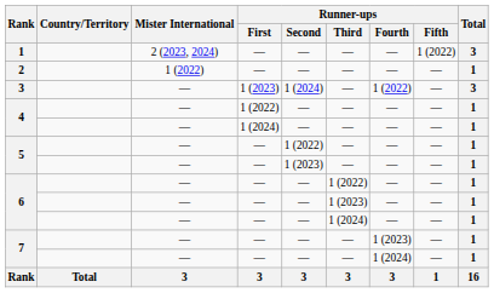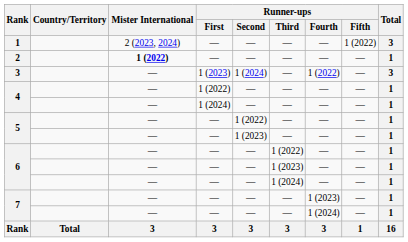 <table class="wikitable" style="font-size: 85%;">
 <tr>
 <th rowspan="2">Rank</th>
 <th rowspan="2">Country/Territory</th>
 <th rowspan="2" width="120">Mister International</th>
 <th colspan="5" width="120">Runner-ups</th>
 <th rowspan="2">Total</th>
 </tr>
 <tr>
 <th>First</th>
 <th>Second</th>
 <th>Third</th>
 <th>Fourth</th>
 <th>Fifth</th>
 </tr>
 <tr>
 <th>1</th>
 <td><strong></strong></td>
 <td align="center">2 (<a href='#'>2023</a>, <a href='#'>2024</a>)</td>
 <td align="center">—</td>
 <td align="center">—</td>
 <td align="center">—</td>
 <td align="center">—</td>
 <td align="center">1 (2022)</td>
 <th>3</th>
 </tr>
 <tr>
 <th>2</th>
 <td><strong></strong></td>
-<td align="center">1 (<a href='#'>2022</a>)</td>
+<td align="center"><strong>1 (<a href='#'>2022</a>)</strong></td>
 <td align="center">—</td>
 <td align="center">—</td>
 <td align="center">—</td>
 <td align="center">—</td>
 <td align="center">—</td>
 <th>1</th>
 </tr>
 <tr>
 <th>3</th>
 <td><strong></strong></td>
 <td align="center">—</td>
 <td align="center">1 (<a href='#'>2023</a>)</td>
 <td align="center">1 (<a href='#'>2024</a>)</td>
 <td align="center">—</td>
 <td align="center">1 (<a href='#'>2022</a>)</td>
 <td align="center">—</td>
 <th>3</th>
 </tr>
 <tr>
 <th rowspan="2">4</th>
 <td><strong></strong></td>
 <td align="center">—</td>
 <td align="center">1 (2022)</td>
 <td align="center">—</td>
 <td align="center">—</td>
 <td align="center">—</td>
 <td align="center">—</td>
 <th>1</th>
 </tr>
 <tr>
 <td><strong></strong></td>
 <td align="center">—</td>
 <td align="center">1 (2024)</td>
 <td align="center">—</td>
 <td align="center">—</td>
 <td align="center">—</td>
 <td align="center">—</td>
 <th>1</th>
 </tr>
 <tr>
 <th rowspan="2">5</th>
 <td><strong></strong></td>
 <td align="center">—</td>
 <td align="center">—</td>
 <td align="center">1 (2022)</td>
 <td align="center">—</td>
 <td align="center">—</td>
 <td align="center">—</td>
 <th>1</th>
 </tr>
 <tr>
 <td><strong></strong></td>
 <td align="center">—</td>
 <td align="center">—</td>
 <td align="center">1 (2023)</td>
 <td align="center">—</td>
 <td align="center">—</td>
 <td align="center">—</td>
 <th>1</th>
 </tr>
 <tr>
 <th rowspan="3">6</th>
 <td><strong></strong></td>
 <td align="center">—</td>
 <td align="center">—</td>
 <td align="center">—</td>
 <td align="center">1 (2022)</td>
 <td align="center">—</td>
 <td align="center">—</td>
 <th>1</th>
 </tr>
 <tr>
 <td><strong></strong></td>
 <td align="center">—</td>
 <td align="center">—</td>
 <td align="center">—</td>
 <td align="center">1 (2023)</td>
 <td align="center">—</td>
 <td align="center">—</td>
 <th>1</th>
 </tr>
 <tr>
 <td><strong></strong></td>
 <td align="center">—</td>
 <td align="center">—</td>
 <td align="center">—</td>
 <td align="center">1 (2024)</td>
 <td align="center">—</td>
 <td align="center">—</td>
 <th>1</th>
 </tr>
 <tr>
 <th rowspan=2>7</th>
 <td><strong></strong></td>
 <td align="center">—</td>
 <td align="center">—</td>
 <td align="center">—</td>
 <td align="center">—</td>
 <td align="center">1 (2023)</td>
 <td align="center">—</td>
 <th>1</th>
 </tr>
 <tr>
 <td><strong></strong></td>
 <td align="center">—</td>
 <td align="center">—</td>
 <td align="center">—</td>
 <td align="center">—</td>
 <td align="center">1 (2024)</td>
 <td align="center">—</td>
 <th>1</th>
 </tr>
 <tr>
 <th>Rank</th>
 <th>Total</th>
 <th>3</th>
 <th>3</th>
 <th>3</th>
 <th>3</th>
 <th>3</th>
 <th>1</th>
 <th>16</th>
 </tr>
 </table>
